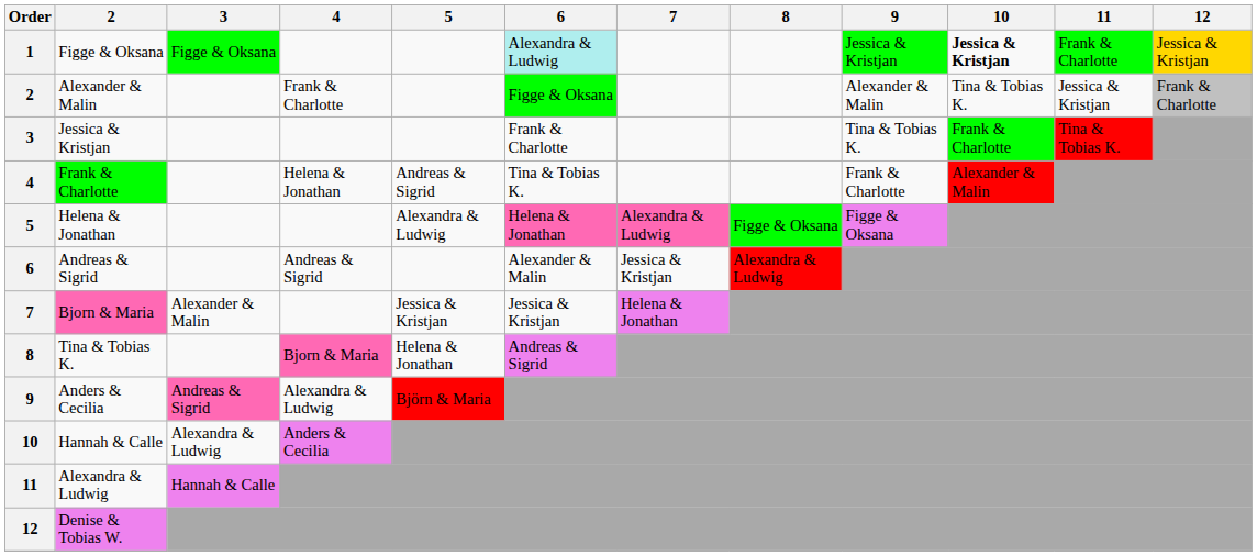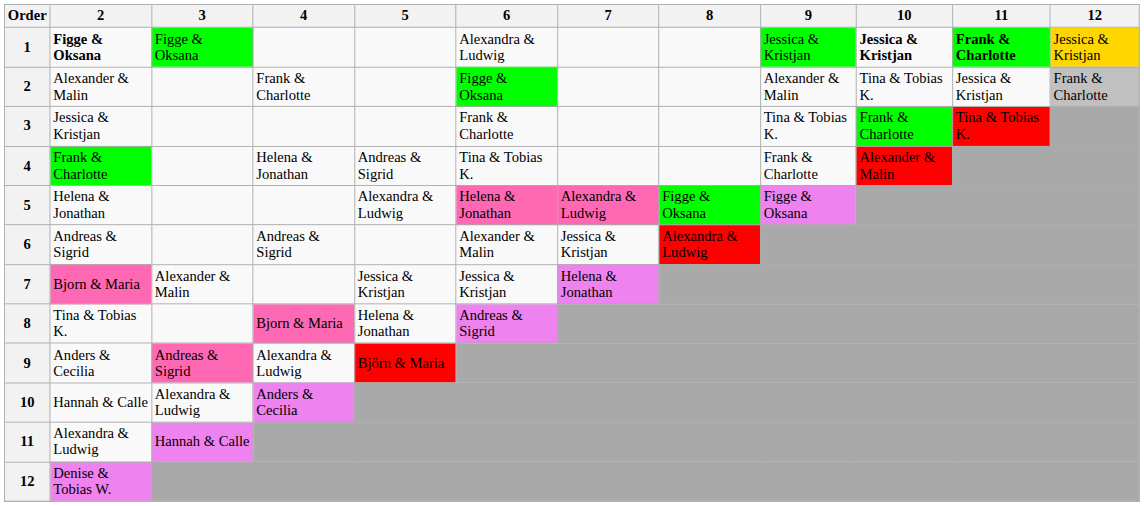 <table class="wikitable" align="center">
 <tr>
 <th>Order</th>
 <th>2</th>
 <th>3</th>
 <th>4</th>
 <th>5</th>
 <th>6</th>
 <th>7</th>
 <th>8</th>
 <th>9</th>
 <th>10</th>
 <th>11</th>
 <th>12</th>
 </tr>
 <tr>
 <th>1</th>
-<td>Figge & Oksana</td>
+<td><strong>Figge & Oksana</strong></td>
 <td bgcolor="lime">Figge & Oksana</td>
 <td></td>
 <td></td>
-<td style="background: paleturquoise;">Alexandra & Ludwig</td>
+<td>Alexandra & Ludwig</td>
 <td></td>
 <td></td>
 <td bgcolor="lime">Jessica & Kristjan</td>
 <td><strong>Jessica & Kristjan</strong></td>
-<td bgcolor="lime">Frank & Charlotte</td>
+<td bgcolor="lime"><strong>Frank & Charlotte</strong></td>
 <td bgcolor="gold">Jessica & Kristjan</td>
 </tr>
 <tr>
 <th>2</th>
 <td>Alexander & Malin</td>
 <td></td>
 <td>Frank & Charlotte</td>
 <td></td>
 <td bgcolor="lime">Figge & Oksana</td>
 <td></td>
 <td></td>
 <td>Alexander & Malin</td>
 <td>Tina & Tobias K.</td>
 <td>Jessica & Kristjan</td>
 <td bgcolor="silver">Frank & Charlotte</td>
 </tr>
 <tr>
 <th>3</th>
 <td>Jessica & Kristjan</td>
 <td></td>
 <td></td>
 <td></td>
 <td>Frank & Charlotte</td>
 <td></td>
 <td></td>
 <td>Tina & Tobias K.</td>
 <td bgcolor="lime">Frank & Charlotte</td>
 <td bgcolor="red">Tina & Tobias K.</td>
 <td bgcolor="darkgray" colspan="1"></td>
 </tr>
 <tr>
 <th>4</th>
 <td bgcolor="lime">Frank & Charlotte</td>
 <td></td>
 <td>Helena & Jonathan</td>
 <td>Andreas & Sigrid</td>
 <td>Tina & Tobias K.</td>
 <td></td>
 <td></td>
 <td>Frank & Charlotte</td>
 <td bgcolor="red">Alexander & Malin</td>
 <td bgcolor="darkgray" colspan="2"></td>
 </tr>
 <tr>
 <th>5</th>
 <td>Helena & Jonathan</td>
 <td></td>
 <td></td>
 <td>Alexandra & Ludwig</td>
 <td bgcolor="hotpink">Helena & Jonathan</td>
 <td bgcolor="hotpink">Alexandra & Ludwig</td>
 <td bgcolor="lime">Figge & Oksana</td>
 <td bgcolor="violet">Figge & Oksana</td>
 <td bgcolor="darkgray" colspan="3"></td>
 </tr>
 <tr>
 <th>6</th>
 <td>Andreas & Sigrid</td>
 <td></td>
 <td>Andreas & Sigrid</td>
 <td></td>
 <td>Alexander & Malin</td>
 <td>Jessica & Kristjan</td>
 <td bgcolor="red">Alexandra & Ludwig</td>
 <td bgcolor="darkgray" colspan="4"></td>
 </tr>
 <tr>
 <th>7</th>
 <td bgcolor="hotpink">Bjorn & Maria</td>
 <td>Alexander & Malin</td>
 <td></td>
 <td>Jessica & Kristjan</td>
 <td>Jessica & Kristjan</td>
 <td bgcolor="violet">Helena & Jonathan</td>
 <td bgcolor="darkgray" colspan="5"></td>
 </tr>
 <tr>
 <th>8</th>
 <td>Tina & Tobias K.</td>
 <td></td>
 <td bgcolor="hotpink">Bjorn & Maria</td>
 <td>Helena & Jonathan</td>
 <td bgcolor="violet">Andreas & Sigrid</td>
 <td bgcolor="darkgray" colspan="6"></td>
 </tr>
 <tr>
 <th>9</th>
 <td>Anders & Cecilia</td>
 <td bgcolor="hotpink">Andreas & Sigrid</td>
 <td>Alexandra & Ludwig</td>
 <td bgcolor="red">Björn & Maria</td>
 <td bgcolor="darkgray" colspan="7"></td>
 </tr>
 <tr>
 <th>10</th>
 <td>Hannah & Calle</td>
 <td>Alexandra & Ludwig</td>
 <td bgcolor="violet">Anders & Cecilia</td>
 <td bgcolor="darkgray" colspan="8"></td>
 </tr>
 <tr>
 <th>11</th>
 <td>Alexandra & Ludwig</td>
 <td bgcolor="violet">Hannah & Calle</td>
 <td bgcolor="darkgray" colspan="9"></td>
 </tr>
 <tr>
 <th>12</th>
 <td bgcolor="violet">Denise & Tobias W.</td>
 <td bgcolor="darkgray" colspan="10"></td>
 </tr>
 <tr>
 </tr>
 </table>
